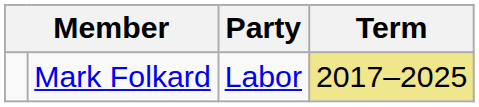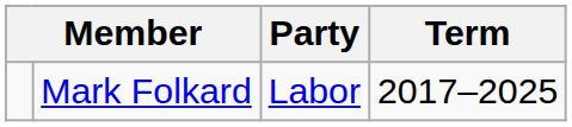 <table class="wikitable">
 <tr>
 <th colspan="2">Member</th>
 <th>Party</th>
 <th>Term</th>
 </tr>
 <tr>
 <td> </td>
 <td><a href='#'>Mark Folkard</a></td>
 <td><a href='#'>Labor</a></td>
-<td style="background: khaki;">2017–2025</td>
+<td>2017–2025</td>
 </tr>
 </table>
